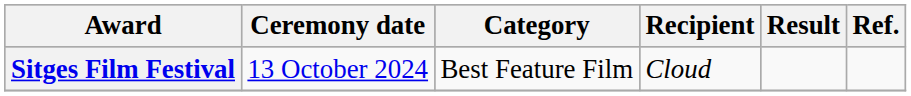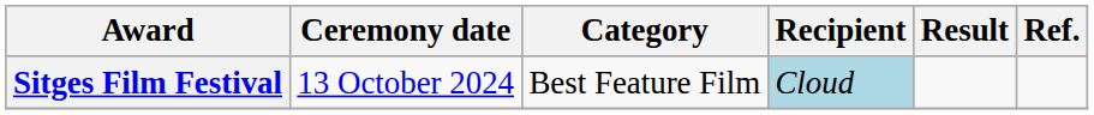 <table class="wikitable sortable plainrowheaders">
 <tr>
 <th scope="col">Award</th>
 <th scope="col">Ceremony date</th>
 <th scope="col">Category</th>
 <th scope="col">Recipient</th>
 <th scope="col">Result</th>
 <th scope="col">Ref.</th>
 </tr>
 <tr>
 <th scope="row"><a href='#'>Sitges Film Festival</a></th>
 <td><a href='#'>13 October 2024</a></td>
 <td>Best Feature Film</td>
-<td><em>Cloud</em></td>
+<td style="background: lightblue;"><em>Cloud</em></td>
 <td></td>
 <td align="center"></td>
 </tr>
 <tr>
 </tr>
 </table>
